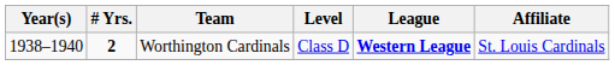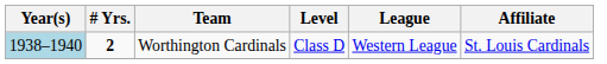 <table class="wikitable" style="text-align:center; font-size: 95%;">
 <tr>
 <th>Year(s)</th>
 <th># Yrs.</th>
 <th>Team</th>
 <th>Level</th>
 <th>League</th>
 <th>Affiliate</th>
 </tr>
 <tr>
-<td>1938–1940</td>
+<td style="background: lightblue;">1938–1940</td>
 <td><strong>2</strong></td>
 <td>Worthington Cardinals</td>
 <td><a href='#'>Class D</a></td>
-<td><strong><a href='#'>Western League</a></strong></td>
+<td><a href='#'>Western League</a></td>
 <td><a href='#'>St. Louis Cardinals</a></td>
 </tr>
 <tr>
 </tr>
 </table>
